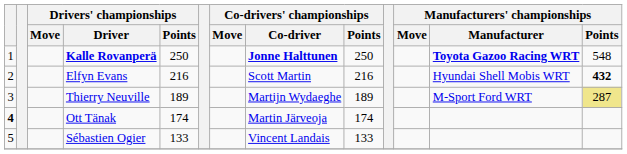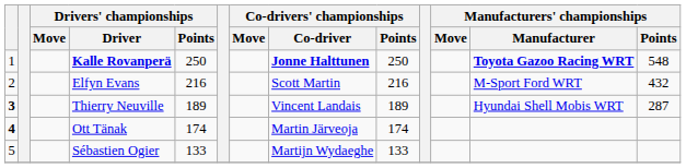 <table class="wikitable" style="font-size:85%;">
 <tr>
 <th rowspan="2"></th>
 <th rowspan="7" style="width:5px;"></th>
 <th colspan="3">Drivers' championships</th>
 <th rowspan="7" style="width:5px;"></th>
 <th colspan="3" nowrap>Co-drivers' championships</th>
 <th rowspan="7" style="width:5px;"></th>
 <th colspan="3" nowrap>Manufacturers' championships</th>
 </tr>
 <tr>
 <th>Move</th>
 <th>Driver</th>
 <th>Points</th>
 <th>Move</th>
 <th>Co-driver</th>
 <th>Points</th>
 <th>Move</th>
 <th>Manufacturer</th>
 <th>Points</th>
 </tr>
 <tr>
 <td align="center">1</td>
 <td align="center"></td>
 <td><strong><a href='#'>Kalle Rovanperä</a></strong></td>
 <td align="center">250</td>
 <td align="center"></td>
 <td><strong><a href='#'>Jonne Halttunen</a></strong></td>
 <td align="center">250</td>
 <td align="center"></td>
 <td><strong><a href='#'>Toyota Gazoo Racing WRT</a></strong></td>
 <td align="center">548</td>
 </tr>
 <tr>
 <td align="center">2</td>
 <td align="center"></td>
 <td><a href='#'>Elfyn Evans</a></td>
 <td align="center">216</td>
 <td align="center"></td>
 <td><a href='#'>Scott Martin</a></td>
 <td align="center">216</td>
 <td align="center"></td>
-<td><a href='#'>Hyundai Shell Mobis WRT</a></td>
-<td align="center"><strong>432</strong></td>
+<td><a href='#'>M-Sport Ford WRT</a></td>
+<td align="center">432</td>
 </tr>
 <tr>
-<td align="center">3</td>
+<td align="center"><strong>3</strong></td>
 <td align="center"></td>
 <td><a href='#'>Thierry Neuville</a></td>
 <td align="center">189</td>
 <td align="center"></td>
-<td><a href='#'>Martijn Wydaeghe</a></td>
+<td><a href='#'>Vincent Landais</a></td>
 <td align="center">189</td>
 <td align="center"></td>
-<td><a href='#'>M-Sport Ford WRT</a></td>
-<td align="center" style="background: khaki;">287</td>
+<td><a href='#'>Hyundai Shell Mobis WRT</a></td>
+<td align="center">287</td>
 </tr>
 <tr>
 <td align="center"><strong>4</strong></td>
 <td align="center"></td>
 <td><a href='#'>Ott Tänak</a></td>
 <td align="center">174</td>
 <td align="center"></td>
 <td><a href='#'>Martin Järveoja</a></td>
 <td align="center">174</td>
 <td></td>
 <td></td>
 <td></td>
 </tr>
 <tr>
 <td align="center">5</td>
 <td align="center"></td>
 <td><a href='#'>Sébastien Ogier</a></td>
 <td align="center">133</td>
 <td align="center"></td>
-<td><a href='#'>Vincent Landais</a></td>
+<td><a href='#'>Martijn Wydaeghe</a></td>
 <td align="center">133</td>
 <td></td>
 <td></td>
 <td></td>
 </tr>
 <tr>
 </tr>
 </table>
